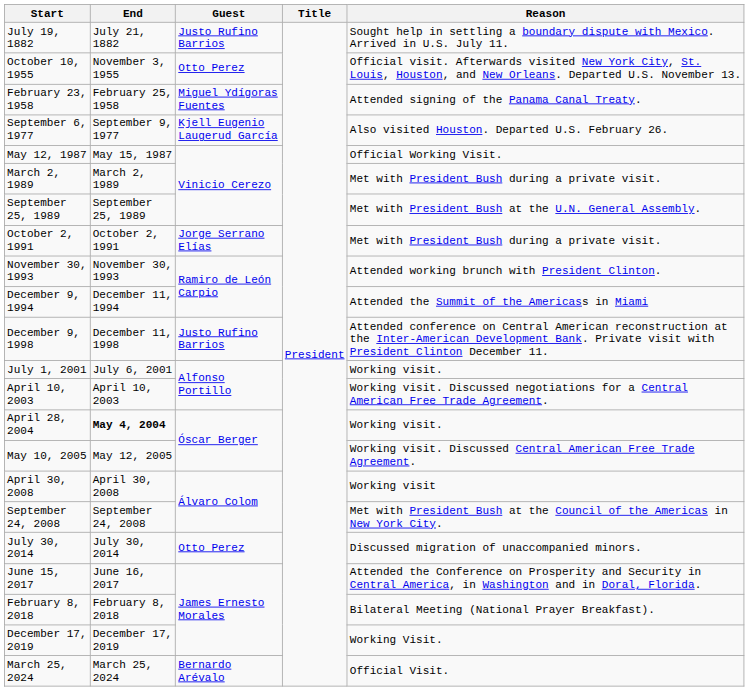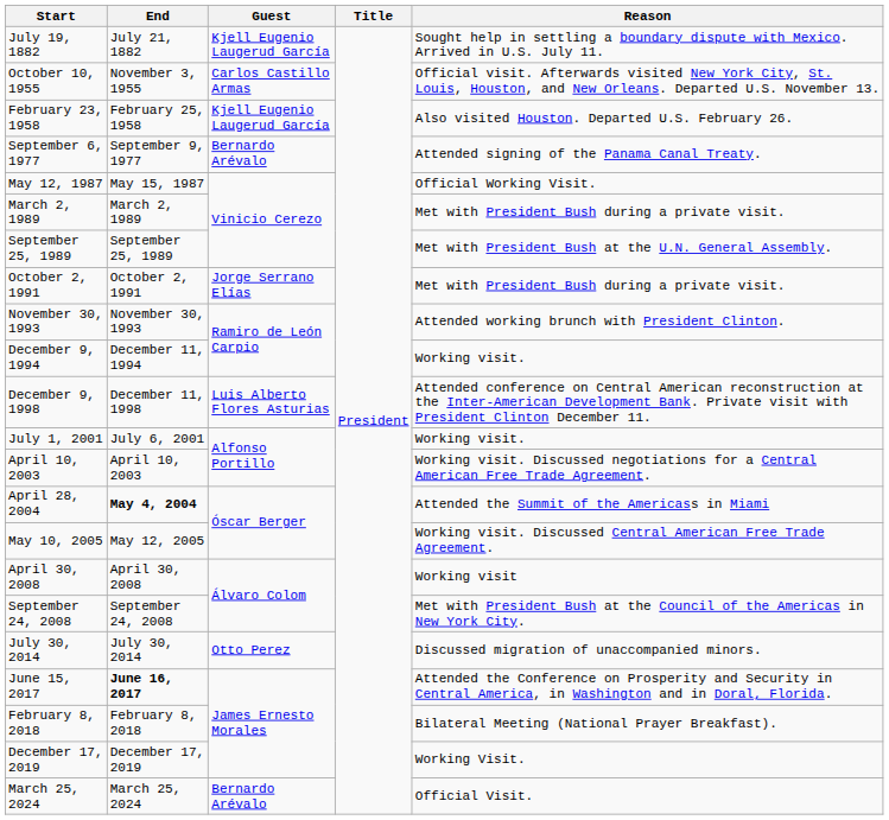 <table class="wikitable sortable">
 <tr>
 <th>Start</th>
 <th>End</th>
 <th>Guest</th>
 <th>Title</th>
 <th>Reason</th>
 </tr>
 <tr>
 <td>July 19, 1882</td>
 <td>July 21, 1882</td>
-<td><a href='#'>Justo Rufino Barrios</a></td>
+<td><a href='#'>Kjell Eugenio Laugerud García</a></td>
 <td rowspan="22"><a href='#'>President</a></td>
 <td>Sought help in settling a <a href='#'>boundary dispute with Mexico</a>. Arrived in U.S. July 11.</td>
 </tr>
 <tr>
 <td>October 10, 1955</td>
 <td>November 3, 1955</td>
-<td><a href='#'>Otto Perez</a></td>
+<td><a href='#'>Carlos Castillo Armas</a></td>
 <td>Official visit. Afterwards visited <a href='#'>New York City</a>, <a href='#'>St. Louis</a>, <a href='#'>Houston</a>, and <a href='#'>New Orleans</a>. Departed U.S. November 13.</td>
 </tr>
 <tr>
 <td>February 23, 1958</td>
 <td>February 25, 1958</td>
-<td><a href='#'>Miguel Ydígoras Fuentes</a></td>
-<td>Attended signing of the <a href='#'>Panama Canal Treaty</a>.</td>
+<td><a href='#'>Kjell Eugenio Laugerud García</a></td>
+<td>Also visited <a href='#'>Houston</a>. Departed U.S. February 26.</td>
 </tr>
 <tr>
 <td>September 6, 1977</td>
 <td>September 9, 1977</td>
-<td><a href='#'>Kjell Eugenio Laugerud García</a></td>
-<td>Also visited <a href='#'>Houston</a>. Departed U.S. February 26.</td>
+<td><a href='#'>Bernardo Arévalo</a></td>
+<td>Attended signing of the <a href='#'>Panama Canal Treaty</a>.</td>
 </tr>
 <tr>
 <td>May 12, 1987</td>
 <td>May 15, 1987</td>
 <td rowspan=3><a href='#'>Vinicio Cerezo</a></td>
 <td>Official Working Visit.</td>
 </tr>
 <tr>
 <td>March 2, 1989</td>
 <td>March 2, 1989</td>
 <td>Met with <a href='#'>President Bush</a> during a private visit.</td>
 </tr>
 <tr>
 <td>September 25, 1989</td>
 <td>September 25, 1989</td>
 <td>Met with <a href='#'>President Bush</a> at the <a href='#'>U.N. General Assembly</a>.</td>
 </tr>
 <tr>
 <td>October 2, 1991</td>
 <td>October 2, 1991</td>
 <td><a href='#'>Jorge Serrano Elías</a></td>
 <td>Met with <a href='#'>President Bush</a> during a private visit.</td>
 </tr>
 <tr>
 <td>November 30, 1993</td>
 <td>November 30, 1993</td>
 <td rowspan=2><a href='#'>Ramiro de León Carpio</a></td>
 <td>Attended working brunch with <a href='#'>President Clinton</a>.</td>
 </tr>
 <tr>
 <td>December 9, 1994</td>
 <td>December 11, 1994</td>
-<td>Attended the <a href='#'>Summit of the Americas</a>s in <a href='#'>Miami</a></td>
+<td>Working visit.</td>
 </tr>
 <tr>
 <td>December 9, 1998</td>
 <td>December 11, 1998</td>
-<td><a href='#'>Justo Rufino Barrios</a></td>
+<td><a href='#'>Luis Alberto Flores Asturias</a></td>
 <td>Attended conference on Central American reconstruction at the <a href='#'>Inter-American Development Bank</a>. Private visit with <a href='#'>President Clinton</a> December 11.</td>
 </tr>
 <tr>
 <td>July 1, 2001</td>
 <td>July 6, 2001</td>
 <td rowspan=2><a href='#'>Alfonso Portillo</a></td>
 <td>Working visit.</td>
 </tr>
 <tr>
 <td>April 10, 2003</td>
 <td>April 10, 2003</td>
 <td>Working visit. Discussed negotiations for a <a href='#'>Central American Free Trade Agreement</a>.</td>
 </tr>
 <tr>
 <td>April 28, 2004</td>
 <td><strong>May 4, 2004</strong></td>
 <td rowspan=2><a href='#'>Óscar Berger</a></td>
-<td>Working visit.</td>
+<td>Attended the <a href='#'>Summit of the Americas</a>s in <a href='#'>Miami</a></td>
 </tr>
 <tr>
 <td>May 10, 2005</td>
 <td>May 12, 2005</td>
 <td>Working visit. Discussed <a href='#'>Central American Free Trade Agreement</a>.</td>
 </tr>
 <tr>
 <td>April 30, 2008</td>
 <td>April 30, 2008</td>
 <td rowspan=2><a href='#'>Álvaro Colom</a></td>
 <td>Working visit</td>
 </tr>
 <tr>
 <td>September 24, 2008</td>
 <td>September 24, 2008</td>
 <td>Met with <a href='#'>President Bush</a> at the <a href='#'>Council of the Americas</a> in <a href='#'>New York City</a>.</td>
 </tr>
 <tr>
 <td>July 30, 2014</td>
 <td>July 30, 2014</td>
 <td><a href='#'>Otto Perez</a></td>
 <td>Discussed migration of unaccompanied minors.</td>
 </tr>
 <tr>
 <td>June 15, 2017</td>
-<td>June 16, 2017</td>
+<td><strong>June 16, 2017</strong></td>
 <td rowspan=3><a href='#'>James Ernesto Morales</a></td>
 <td>Attended the Conference on Prosperity and Security in <a href='#'>Central America</a>, in <a href='#'>Washington</a> and in <a href='#'>Doral, Florida</a>.</td>
 </tr>
 <tr>
 <td>February 8, 2018</td>
 <td>February 8, 2018</td>
 <td>Bilateral Meeting (National Prayer Breakfast).</td>
 </tr>
 <tr>
 <td>December 17, 2019</td>
 <td>December 17, 2019</td>
 <td>Working Visit.</td>
 </tr>
 <tr>
 <td>March 25, 2024</td>
 <td>March 25, 2024</td>
 <td><a href='#'>Bernardo Arévalo</a></td>
 <td>Official Visit.</td>
 </tr>
 </table>
